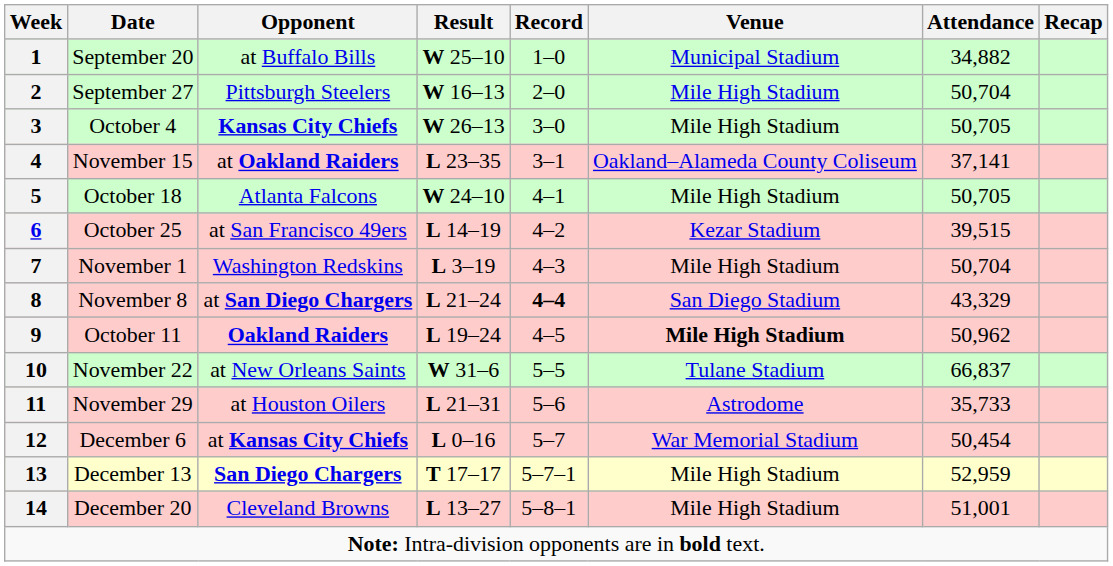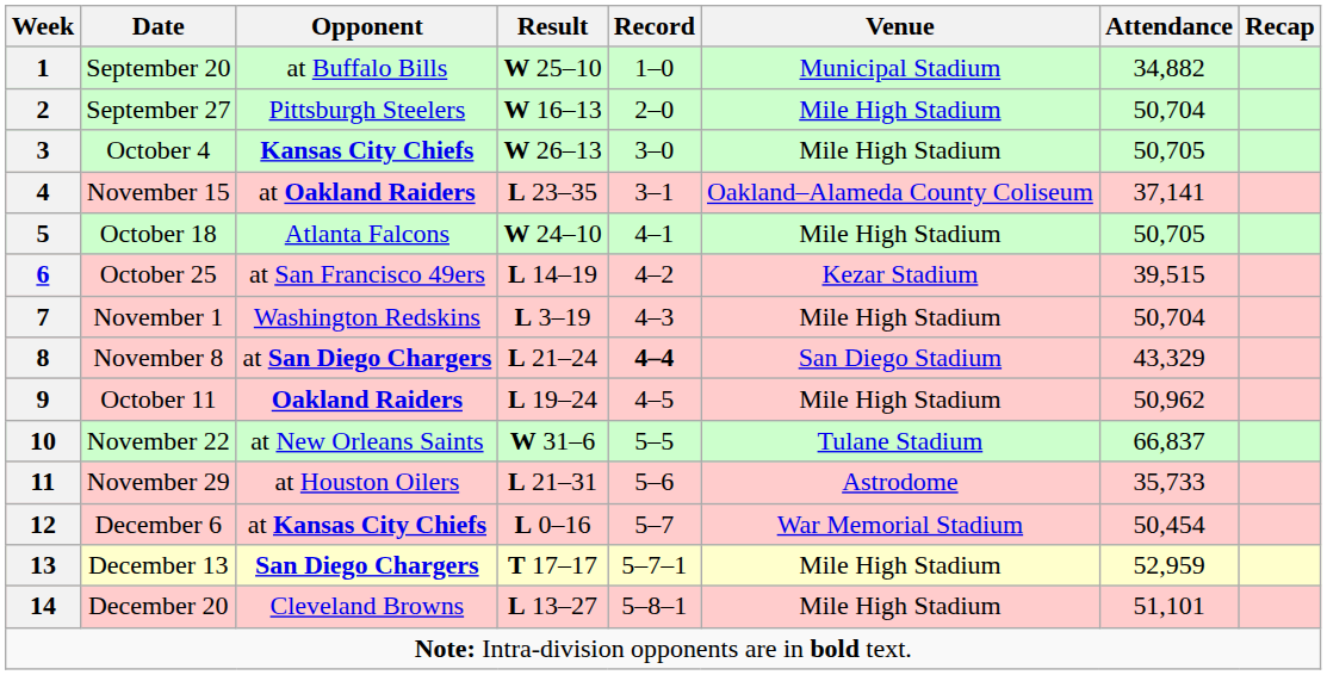 <table class="wikitable" style="text-align:center">
 <tr>
 <th>Week</th>
 <th>Date</th>
 <th>Opponent</th>
 <th>Result</th>
 <th>Record</th>
 <th>Venue</th>
 <th>Attendance</th>
 <th>Recap</th>
 </tr>
 <tr style="background:#cfc">
 <th>1</th>
 <td>September 20</td>
 <td>at <a href='#'>Buffalo Bills</a></td>
 <td><strong>W</strong> 25–10</td>
 <td>1–0</td>
 <td><a href='#'>Municipal Stadium</a></td>
 <td>34,882</td>
 <td></td>
 </tr>
 <tr style="background:#cfc">
 <th>2</th>
 <td>September 27</td>
 <td><a href='#'>Pittsburgh Steelers</a></td>
 <td><strong>W</strong> 16–13</td>
 <td>2–0</td>
 <td><a href='#'>Mile High Stadium</a></td>
 <td>50,704</td>
 <td></td>
 </tr>
 <tr style="background:#cfc">
 <th>3</th>
 <td>October 4</td>
 <td><strong><a href='#'>Kansas City Chiefs</a></strong></td>
 <td><strong>W</strong> 26–13</td>
 <td>3–0</td>
 <td>Mile High Stadium</td>
 <td>50,705</td>
 <td></td>
 </tr>
 <tr style="background:#fcc">
 <th>4</th>
 <td>November 15</td>
 <td>at <strong><a href='#'>Oakland Raiders</a></strong></td>
 <td><strong>L</strong> 23–35</td>
 <td>3–1</td>
 <td><a href='#'>Oakland–Alameda County Coliseum</a></td>
 <td>37,141</td>
 <td></td>
 </tr>
 <tr style="background:#cfc">
 <th>5</th>
 <td>October 18</td>
 <td><a href='#'>Atlanta Falcons</a></td>
 <td><strong>W</strong> 24–10</td>
 <td>4–1</td>
 <td>Mile High Stadium</td>
 <td>50,705</td>
 <td></td>
 </tr>
 <tr style="background:#fcc">
 <th><a href='#'>6</a></th>
 <td>October 25</td>
 <td>at <a href='#'>San Francisco 49ers</a></td>
 <td><strong>L</strong> 14–19</td>
 <td>4–2</td>
 <td><a href='#'>Kezar Stadium</a></td>
 <td>39,515</td>
 <td></td>
 </tr>
 <tr style="background:#fcc">
 <th>7</th>
 <td>November 1</td>
 <td><a href='#'>Washington Redskins</a></td>
 <td><strong>L</strong> 3–19</td>
 <td>4–3</td>
 <td>Mile High Stadium</td>
 <td>50,704</td>
 <td></td>
 </tr>
 <tr style="background:#fcc">
 <th>8</th>
 <td>November 8</td>
 <td>at <strong><a href='#'>San Diego Chargers</a></strong></td>
 <td><strong>L</strong> 21–24</td>
 <td><strong>4–4</strong></td>
 <td><a href='#'>San Diego Stadium</a></td>
 <td>43,329</td>
 <td></td>
 </tr>
 <tr style="background:#fcc">
 <th>9</th>
 <td>October 11</td>
 <td><strong><a href='#'>Oakland Raiders</a></strong></td>
 <td><strong>L</strong> 19–24</td>
 <td>4–5</td>
-<td><strong>Mile High Stadium</strong></td>
+<td>Mile High Stadium</td>
 <td>50,962</td>
 <td></td>
 </tr>
 <tr style="background:#cfc">
 <th>10</th>
 <td>November 22</td>
 <td>at <a href='#'>New Orleans Saints</a></td>
 <td><strong>W</strong> 31–6</td>
 <td>5–5</td>
 <td><a href='#'>Tulane Stadium</a></td>
 <td>66,837</td>
 <td></td>
 </tr>
 <tr style="background:#fcc">
 <th>11</th>
 <td>November 29</td>
 <td>at <a href='#'>Houston Oilers</a></td>
 <td><strong>L</strong> 21–31</td>
 <td>5–6</td>
 <td><a href='#'>Astrodome</a></td>
 <td>35,733</td>
 <td></td>
 </tr>
 <tr style="background:#fcc">
 <th>12</th>
 <td>December 6</td>
 <td>at <strong><a href='#'>Kansas City Chiefs</a></strong></td>
 <td><strong>L</strong> 0–16</td>
 <td>5–7</td>
 <td><a href='#'>War Memorial Stadium</a></td>
 <td>50,454</td>
 <td></td>
 </tr>
 <tr style="background:#ffc">
 <th>13</th>
 <td>December 13</td>
 <td><strong><a href='#'>San Diego Chargers</a></strong></td>
 <td><strong>T</strong> 17–17</td>
 <td>5–7–1</td>
 <td>Mile High Stadium</td>
 <td>52,959</td>
 <td></td>
 </tr>
 <tr style="background:#fcc">
 <th>14</th>
 <td>December 20</td>
 <td><a href='#'>Cleveland Browns</a></td>
 <td><strong>L</strong> 13–27</td>
 <td>5–8–1</td>
 <td>Mile High Stadium</td>
-<td>51,001</td>
+<td>51,101</td>
 <td></td>
 </tr>
 <tr>
 <td colspan="8"><strong>Note:</strong> Intra-division opponents are in <strong>bold</strong> text.</td>
 </tr>
 </table>
